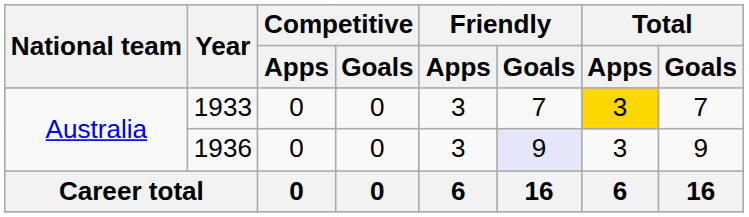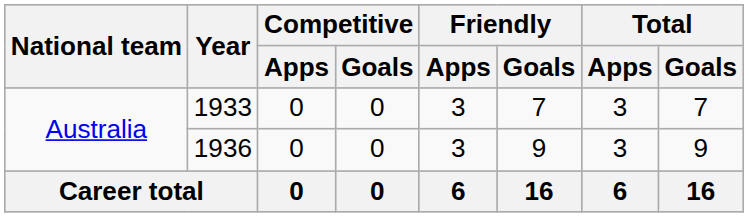 <table class="wikitable" style="text-align:center">
 <tr>
 <th rowspan="2">National team</th>
 <th rowspan="2">Year</th>
 <th colspan="2">Competitive</th>
 <th colspan="2">Friendly</th>
 <th colspan="2">Total</th>
 </tr>
 <tr>
 <th>Apps</th>
 <th>Goals</th>
 <th>Apps</th>
 <th>Goals</th>
 <th>Apps</th>
 <th>Goals</th>
 </tr>
 <tr>
 <td rowspan="2"><a href='#'>Australia</a></td>
 <td>1933</td>
 <td>0</td>
 <td>0</td>
 <td>3</td>
 <td>7</td>
-<td style="background: gold;">3</td>
+<td>3</td>
 <td>7</td>
 </tr>
 <tr>
 <td>1936</td>
 <td>0</td>
 <td>0</td>
 <td>3</td>
-<td style="background: lavender;">9</td>
+<td>9</td>
 <td>3</td>
 <td>9</td>
 </tr>
 <tr>
 <th colspan=2>Career total</th>
 <th>0</th>
 <th>0</th>
 <th>6</th>
 <th>16</th>
 <th>6</th>
 <th>16</th>
 </tr>
 </table>
